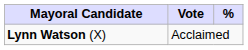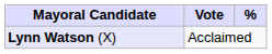 <table class="wikitable">
 <tr>
 <th style="background:#ddf; width:200px;">Mayoral Candidate</th>
 <th style="background:#ddf; width:50px;">Vote</th>
 <th style="background:#ddf; width:30px;">%</th>
 </tr>
 <tr>
-<td><strong>Lynn Watson</strong> (X)</td>
+<td style="background: lavender;"><strong>Lynn Watson</strong> (X)</td>
 <td colspan="2">Acclaimed</td>
 </tr>
 </table>
